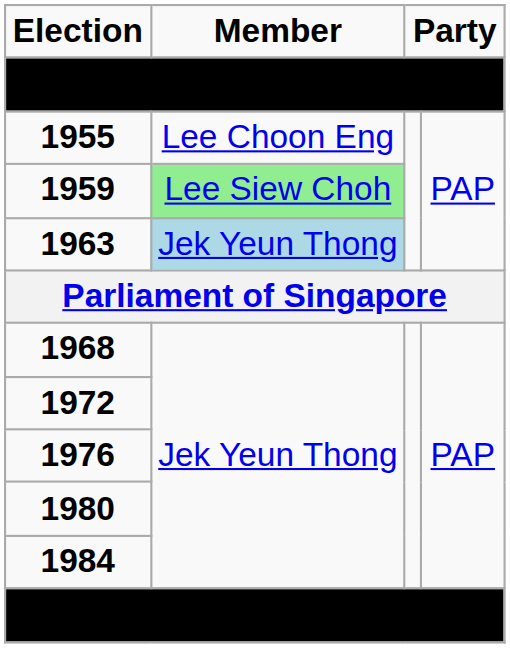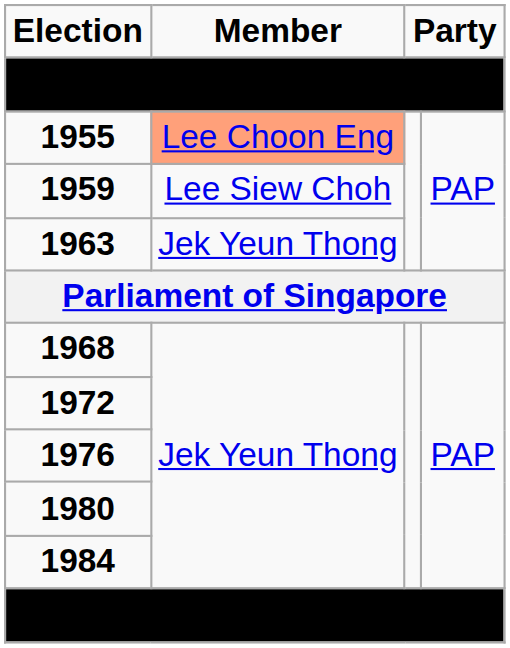 <table class="wikitable" align="center" style="text-align:center">
 <tr>
 <td><strong>Election </strong></td>
 <td><strong>Member</strong></td>
 <td colspan="2"><strong>Party</strong></td>
 </tr>
 <tr>
 <td colspan=4 bgcolor=black><span><strong>Formation</strong></span></td>
 </tr>
 <tr>
 <td><strong>1955</strong></td>
-<td><a href='#'>Lee Choon Eng</a></td>
+<td style="background: lightsalmon;"><a href='#'>Lee Choon Eng</a></td>
 <td rowspan="3"></td>
 <td rowspan="3"><a href='#'>PAP</a></td>
 </tr>
 <tr>
 <td><strong>1959</strong></td>
-<td style="background: lightgreen;"><a href='#'>Lee Siew Choh</a></td>
+<td><a href='#'>Lee Siew Choh</a></td>
 </tr>
 <tr>
 <td><strong>1963</strong></td>
-<td style="background: lightblue;"><a href='#'>Jek Yeun Thong</a></td>
+<td><a href='#'>Jek Yeun Thong</a></td>
 </tr>
 <tr>
 <th colspan="4"><a href='#'>Parliament of Singapore</a></th>
 </tr>
 <tr>
 <td><strong>1968</strong></td>
 <td rowspan="5"><a href='#'>Jek Yeun Thong</a></td>
 <td rowspan="5"></td>
 <td rowspan="5"><a href='#'>PAP</a></td>
 </tr>
 <tr>
 <td><strong>1972</strong></td>
 </tr>
 <tr>
 <td><strong>1976</strong></td>
 </tr>
 <tr>
 <td><strong>1980</strong></td>
 </tr>
 <tr>
 <td><strong>1984</strong></td>
 </tr>
 <tr>
 <td colspan=4 bgcolor=black><span><strong>Constituency abolished (1988)</strong></span></td>
 </tr>
 </table>
